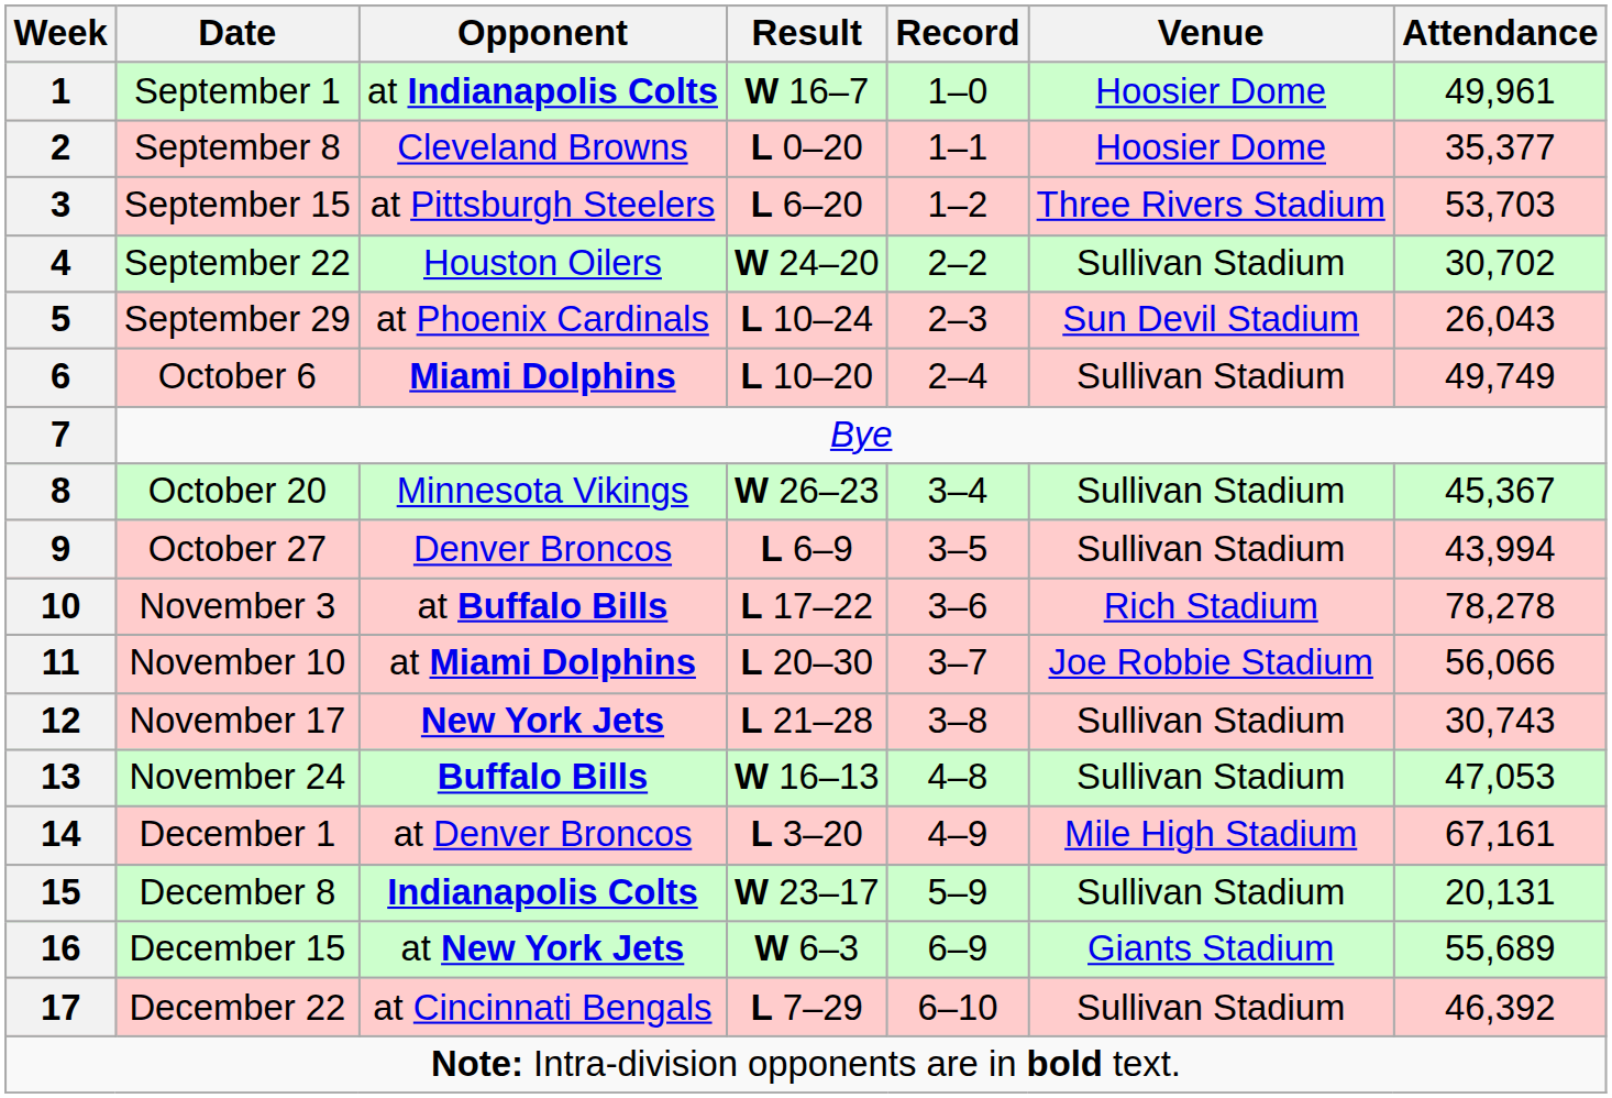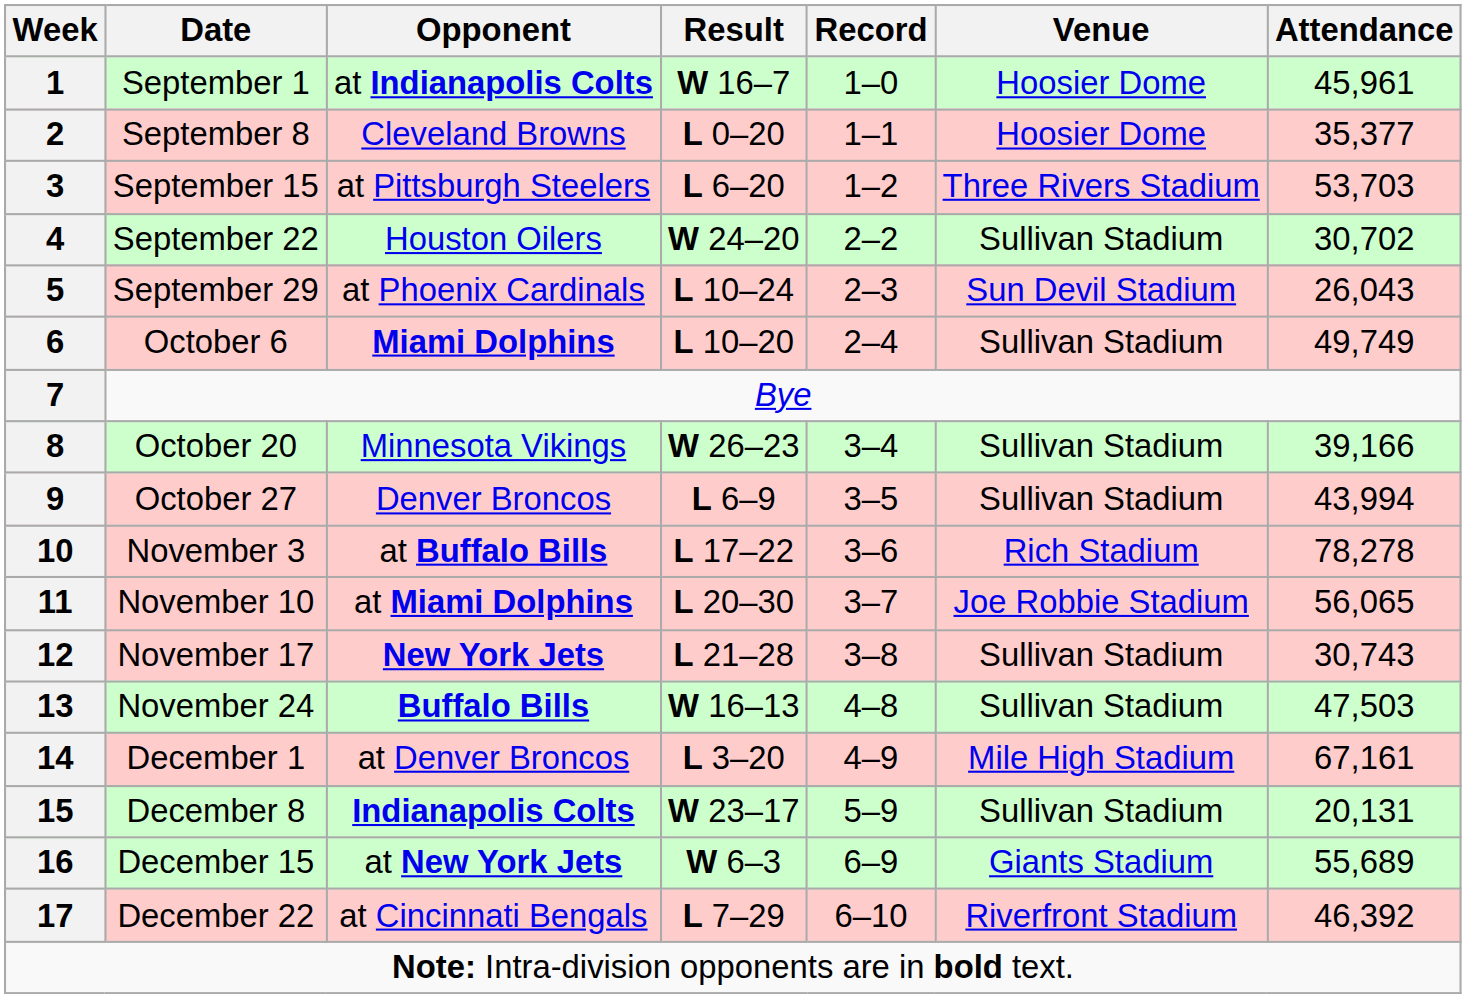 <table class="wikitable" style="text-align:center">
 <tr>
 <th>Week</th>
 <th>Date</th>
 <th>Opponent</th>
 <th>Result</th>
 <th>Record</th>
 <th>Venue</th>
 <th>Attendance</th>
 </tr>
 <tr style="background:#cfc">
 <th>1</th>
 <td>September 1</td>
 <td>at <strong><a href='#'>Indianapolis Colts</a></strong></td>
 <td><strong>W</strong> 16–7</td>
 <td>1–0</td>
 <td><a href='#'>Hoosier Dome</a></td>
-<td>49,961</td>
+<td>45,961</td>
 </tr>
 <tr style="background:#fcc">
 <th>2</th>
 <td>September 8</td>
 <td><a href='#'>Cleveland Browns</a></td>
 <td><strong>L</strong> 0–20</td>
 <td>1–1</td>
 <td><a href='#'>Hoosier Dome</a></td>
 <td>35,377</td>
 </tr>
 <tr style="background:#fcc">
 <th>3</th>
 <td>September 15</td>
 <td>at <a href='#'>Pittsburgh Steelers</a></td>
 <td><strong>L</strong> 6–20</td>
 <td>1–2</td>
 <td><a href='#'>Three Rivers Stadium</a></td>
 <td>53,703</td>
 </tr>
 <tr style="background:#cfc">
 <th>4</th>
 <td>September 22</td>
 <td><a href='#'>Houston Oilers</a></td>
 <td><strong>W</strong> 24–20</td>
 <td>2–2</td>
 <td>Sullivan Stadium</td>
 <td>30,702</td>
 </tr>
 <tr style="background:#fcc">
 <th>5</th>
 <td>September 29</td>
 <td>at <a href='#'>Phoenix Cardinals</a></td>
 <td><strong>L</strong> 10–24</td>
 <td>2–3</td>
 <td><a href='#'>Sun Devil Stadium</a></td>
 <td>26,043</td>
 </tr>
 <tr style="background:#fcc">
 <th>6</th>
 <td>October 6</td>
 <td><strong><a href='#'>Miami Dolphins</a></strong></td>
 <td><strong>L</strong> 10–20</td>
 <td>2–4</td>
 <td>Sullivan Stadium</td>
 <td>49,749</td>
 </tr>
 <tr align="center">
 <th>7</th>
 <td colspan="6" align="center"><em><a href='#'>Bye</a></em></td>
 </tr>
 <tr style="background:#cfc">
 <th>8</th>
 <td>October 20</td>
 <td><a href='#'>Minnesota Vikings</a></td>
 <td><strong>W</strong> 26–23 </td>
 <td>3–4</td>
 <td>Sullivan Stadium</td>
-<td>45,367</td>
+<td>39,166</td>
 </tr>
 <tr style="background:#fcc">
 <th>9</th>
 <td>October 27</td>
 <td><a href='#'>Denver Broncos</a></td>
 <td><strong>L</strong> 6–9</td>
 <td>3–5</td>
 <td>Sullivan Stadium</td>
 <td>43,994</td>
 </tr>
 <tr style="background:#fcc">
 <th>10</th>
 <td>November 3</td>
 <td>at <strong><a href='#'>Buffalo Bills</a></strong></td>
 <td><strong>L</strong> 17–22</td>
 <td>3–6</td>
 <td><a href='#'>Rich Stadium</a></td>
 <td>78,278</td>
 </tr>
 <tr style="background:#fcc">
 <th>11</th>
 <td>November 10</td>
 <td>at <strong><a href='#'>Miami Dolphins</a></strong></td>
 <td><strong>L</strong> 20–30</td>
 <td>3–7</td>
 <td><a href='#'>Joe Robbie Stadium</a></td>
-<td>56,066</td>
+<td>56,065</td>
 </tr>
 <tr style="background:#fcc">
 <th>12</th>
 <td>November 17</td>
 <td><strong><a href='#'>New York Jets</a></strong></td>
 <td><strong>L</strong> 21–28</td>
 <td>3–8</td>
 <td>Sullivan Stadium</td>
 <td>30,743</td>
 </tr>
 <tr style="background:#cfc">
 <th>13</th>
 <td>November 24</td>
 <td><strong><a href='#'>Buffalo Bills</a></strong></td>
 <td><strong>W</strong> 16–13</td>
 <td>4–8</td>
 <td>Sullivan Stadium</td>
-<td>47,053</td>
+<td>47,503</td>
 </tr>
 <tr style="background:#fcc">
 <th>14</th>
 <td>December 1</td>
 <td>at <a href='#'>Denver Broncos</a></td>
 <td><strong>L</strong> 3–20</td>
 <td>4–9</td>
 <td><a href='#'>Mile High Stadium</a></td>
 <td>67,161</td>
 </tr>
 <tr style="background:#cfc">
 <th>15</th>
 <td>December 8</td>
 <td><strong><a href='#'>Indianapolis Colts</a></strong></td>
 <td><strong>W</strong> 23–17 </td>
 <td>5–9</td>
 <td>Sullivan Stadium</td>
 <td>20,131</td>
 </tr>
 <tr style="background:#cfc">
 <th>16</th>
 <td>December 15</td>
 <td>at <strong><a href='#'>New York Jets</a></strong></td>
 <td><strong>W</strong> 6–3</td>
 <td>6–9</td>
 <td><a href='#'>Giants Stadium</a></td>
 <td>55,689</td>
 </tr>
 <tr style="background:#fcc">
 <th>17</th>
 <td>December 22</td>
 <td>at <a href='#'>Cincinnati Bengals</a></td>
 <td><strong>L</strong> 7–29</td>
 <td>6–10</td>
-<td>Sullivan Stadium</td>
+<td><a href='#'>Riverfront Stadium</a></td>
 <td>46,392</td>
 </tr>
 <tr>
 <td colspan="8"><strong>Note:</strong> Intra-division opponents are in <strong>bold</strong> text.</td>
 </tr>
 </table>
